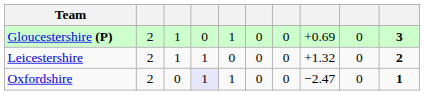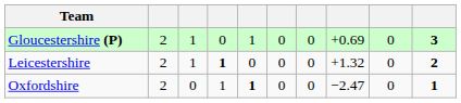 <table class="wikitable" style="text-align:center">
 <tr>
 <th width="150">Team</th>
 <th width="25"></th>
 <th width="25"></th>
 <th width="25"></th>
 <th width="25"></th>
 <th width="25"></th>
 <th width="25"></th>
 <th width="40"></th>
 <th width="40"></th>
 <th width="40"></th>
 </tr>
 <tr style="background:#cfc">
 <td style="text-align:left"><a href='#'>Gloucestershire</a> <strong>(P)</strong></td>
 <td>2</td>
 <td>1</td>
 <td>0</td>
 <td>1</td>
 <td>0</td>
 <td>0</td>
 <td>+0.69</td>
 <td>0</td>
 <td><strong>3</strong></td>
 </tr>
 <tr>
 <td style="text-align:left"><a href='#'>Leicestershire</a></td>
 <td>2</td>
 <td>1</td>
-<td>1</td>
+<td><strong>1</strong></td>
 <td>0</td>
 <td>0</td>
 <td>0</td>
 <td>+1.32</td>
 <td>0</td>
 <td><strong>2</strong></td>
 </tr>
 <tr>
 <td style="text-align:left"><a href='#'>Oxfordshire</a></td>
 <td>2</td>
 <td>0</td>
-<td style="background: lavender;">1</td>
 <td>1</td>
+<td><strong>1</strong></td>
 <td>0</td>
 <td>0</td>
 <td>−2.47</td>
 <td>0</td>
 <td><strong>1</strong></td>
 </tr>
 </table>
